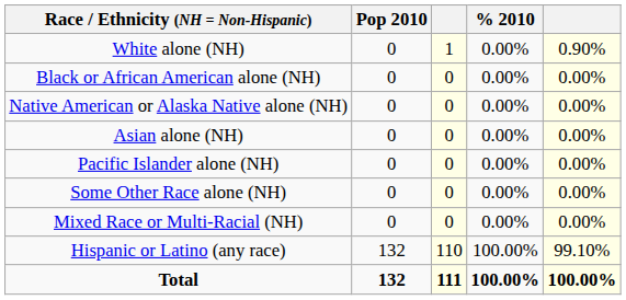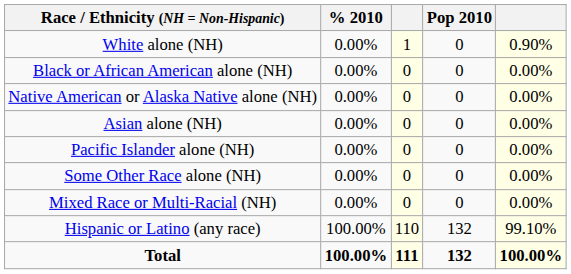 <table class="wikitable" style="text-align:center;">
 <tr>
 <th>Race / Ethnicity <small>(<em>NH = Non-Hispanic</em>)</small></th>
+<th>% 2010</th>
+<th></th>
 <th>Pop 2010</th>
-<th></th>
-<th>% 2010</th>
 <th></th>
 </tr>
 <tr>
 <td><a href='#'>White</a> alone (NH)</td>
+<td>0.00%</td>
+<td style='background: #ffffe6;'>1</td>
 <td>0</td>
-<td style='background: #ffffe6;'>1</td>
-<td>0.00%</td>
 <td style='background: #ffffe6;'>0.90%</td>
 </tr>
 <tr>
 <td><a href='#'>Black or African American</a> alone (NH)</td>
+<td>0.00%</td>
+<td style='background: #ffffe6;'>0</td>
 <td>0</td>
-<td style='background: #ffffe6;'>0</td>
-<td>0.00%</td>
 <td style='background: #ffffe6;'>0.00%</td>
 </tr>
 <tr>
 <td><a href='#'>Native American</a> or <a href='#'>Alaska Native</a> alone (NH)</td>
+<td>0.00%</td>
+<td style='background: #ffffe6;'>0</td>
 <td>0</td>
-<td style='background: #ffffe6;'>0</td>
-<td>0.00%</td>
 <td style='background: #ffffe6;'>0.00%</td>
 </tr>
 <tr>
 <td><a href='#'>Asian</a> alone (NH)</td>
+<td>0.00%</td>
+<td style='background: #ffffe6;'>0</td>
 <td>0</td>
-<td style='background: #ffffe6;'>0</td>
-<td>0.00%</td>
 <td style='background: #ffffe6;'>0.00%</td>
 </tr>
 <tr>
 <td><a href='#'>Pacific Islander</a> alone (NH)</td>
+<td>0.00%</td>
+<td style='background: #ffffe6;'>0</td>
 <td>0</td>
-<td style='background: #ffffe6;'>0</td>
-<td>0.00%</td>
 <td style='background: #ffffe6;'>0.00%</td>
 </tr>
 <tr>
 <td><a href='#'>Some Other Race</a> alone (NH)</td>
+<td>0.00%</td>
+<td style='background: #ffffe6;'>0</td>
 <td>0</td>
-<td style='background: #ffffe6;'>0</td>
-<td>0.00%</td>
 <td style='background: #ffffe6;'>0.00%</td>
 </tr>
 <tr>
 <td><a href='#'>Mixed Race or Multi-Racial</a> (NH)</td>
+<td>0.00%</td>
+<td style='background: #ffffe6;'>0</td>
 <td>0</td>
-<td style='background: #ffffe6;'>0</td>
-<td>0.00%</td>
 <td style='background: #ffffe6;'>0.00%</td>
 </tr>
 <tr>
 <td><a href='#'>Hispanic or Latino</a> (any race)</td>
+<td>100.00%</td>
+<td style='background: #ffffe6;'>110</td>
 <td>132</td>
-<td style='background: #ffffe6;'>110</td>
-<td>100.00%</td>
 <td style='background: #ffffe6;'>99.10%</td>
 </tr>
 <tr>
 <td><strong>Total</strong></td>
+<td><strong>100.00%</strong></td>
+<td style='background: #ffffe6;'><strong>111</strong></td>
 <td><strong>132</strong></td>
-<td style='background: #ffffe6;'><strong>111</strong></td>
-<td><strong>100.00%</strong></td>
 <td style='background: #ffffe6;'><strong>100.00%</strong></td>
 </tr>
 </table>
